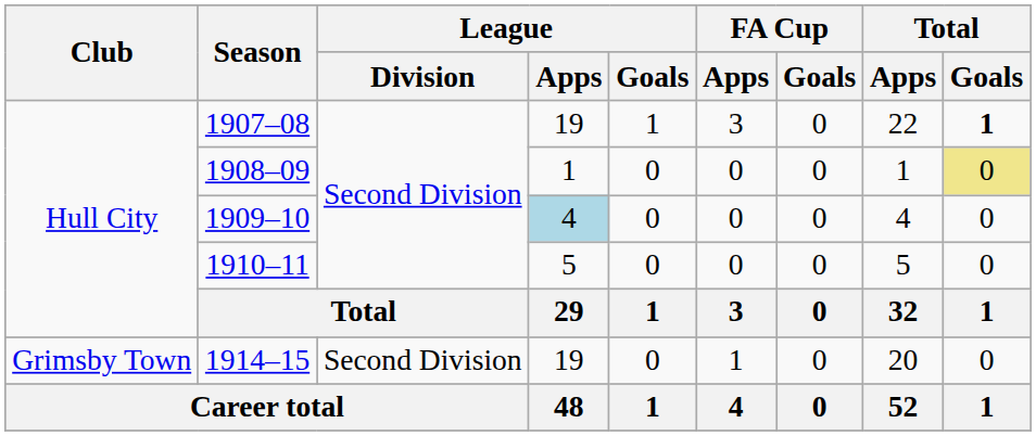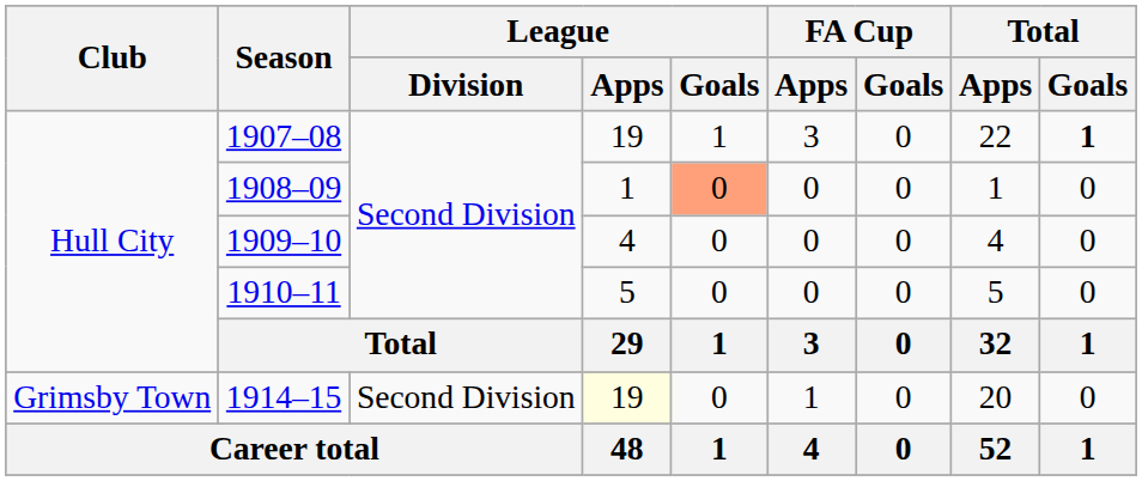 <table class="wikitable" style="text-align: center;">
 <tr>
 <th rowspan="2">Club</th>
 <th rowspan="2">Season</th>
 <th colspan="3">League</th>
 <th colspan="2">FA Cup</th>
 <th colspan="2">Total</th>
 </tr>
 <tr>
 <th>Division</th>
 <th>Apps</th>
 <th>Goals</th>
 <th>Apps</th>
 <th>Goals</th>
 <th>Apps</th>
 <th>Goals</th>
 </tr>
 <tr>
 <td rowspan="5"><a href='#'>Hull City</a></td>
 <td><a href='#'>1907–08</a></td>
 <td rowspan="4"><a href='#'>Second Division</a></td>
 <td>19</td>
 <td>1</td>
 <td>3</td>
 <td>0</td>
 <td>22</td>
 <td><strong>1</strong></td>
 </tr>
 <tr>
 <td><a href='#'>1908–09</a></td>
 <td>1</td>
-<td>0</td>
+<td style="background: lightsalmon;">0</td>
 <td>0</td>
 <td>0</td>
 <td>1</td>
-<td style="background: khaki;">0</td>
+<td>0</td>
 </tr>
 <tr>
 <td><a href='#'>1909–10</a></td>
-<td style="background: lightblue;">4</td>
+<td>4</td>
 <td>0</td>
 <td>0</td>
 <td>0</td>
 <td>4</td>
 <td>0</td>
 </tr>
 <tr>
 <td><a href='#'>1910–11</a></td>
 <td>5</td>
 <td>0</td>
 <td>0</td>
 <td>0</td>
 <td>5</td>
 <td>0</td>
 </tr>
 <tr>
 <th colspan="2">Total</th>
 <th>29</th>
 <th>1</th>
 <th>3</th>
 <th>0</th>
 <th>32</th>
 <th>1</th>
 </tr>
 <tr>
 <td><a href='#'>Grimsby Town</a></td>
 <td><a href='#'>1914–15</a></td>
 <td>Second Division</td>
-<td>19</td>
+<td style="background: lightyellow;">19</td>
 <td>0</td>
 <td>1</td>
 <td>0</td>
 <td>20</td>
 <td>0</td>
 </tr>
 <tr>
 <th colspan="3">Career total</th>
 <th>48</th>
 <th>1</th>
 <th>4</th>
 <th>0</th>
 <th>52</th>
 <th>1</th>
 </tr>
 </table>
